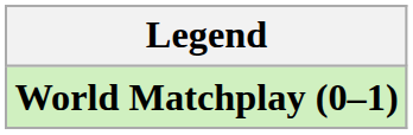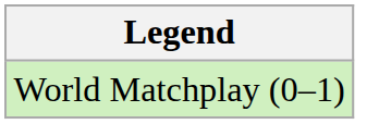 <table class="wikitable">
 <tr>
 <th>Legend</th>
 </tr>
 <tr style="background:#d0f0c0;">
-<td><strong>World Matchplay (0–1)</strong></td>
+<td>World Matchplay (0–1)</td>
 </tr>
 </table>
